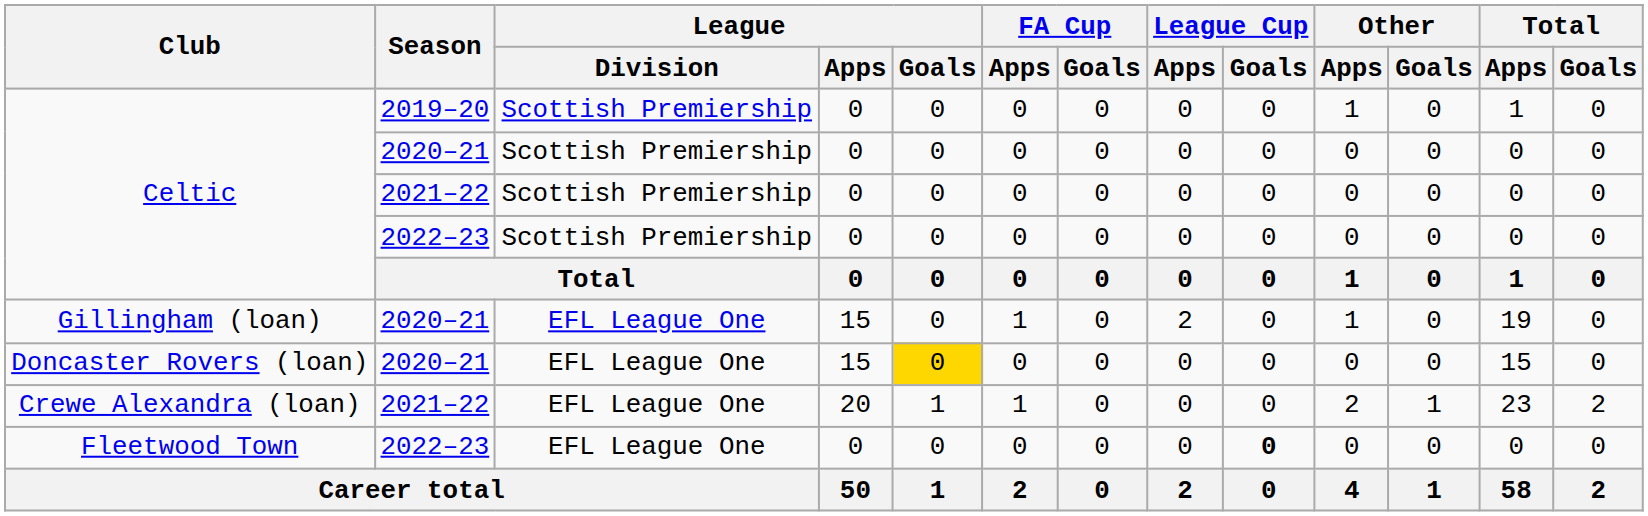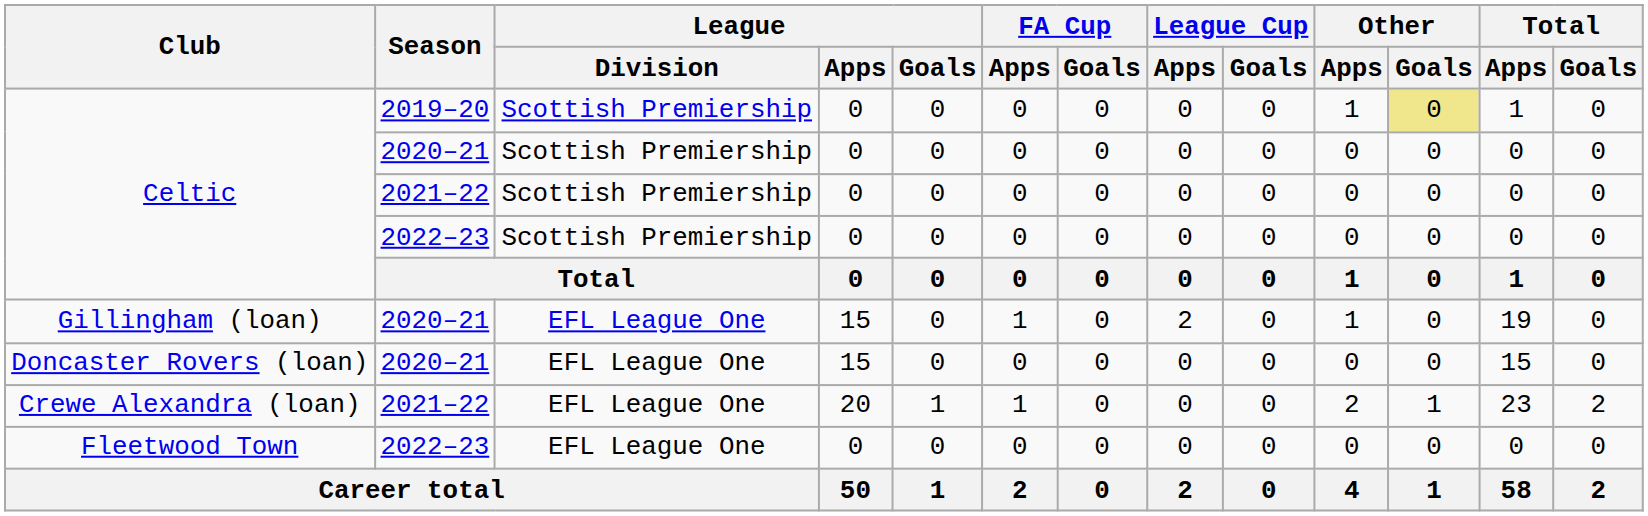 <table class="wikitable" style="text-align:center">
 <tr>
 <th rowspan="2">Club</th>
 <th rowspan="2">Season</th>
 <th colspan="3">League</th>
 <th colspan="2"><a href='#'>FA Cup</a></th>
 <th colspan="2"><a href='#'>League Cup</a></th>
 <th colspan="2">Other</th>
 <th colspan="2">Total</th>
 </tr>
 <tr>
 <th>Division</th>
 <th>Apps</th>
 <th>Goals</th>
 <th>Apps</th>
 <th>Goals</th>
 <th>Apps</th>
 <th>Goals</th>
 <th>Apps</th>
 <th>Goals</th>
 <th>Apps</th>
 <th>Goals</th>
 </tr>
 <tr>
 <td rowspan="5"><a href='#'>Celtic</a></td>
 <td><a href='#'>2019–20</a></td>
 <td><a href='#'>Scottish Premiership</a></td>
 <td>0</td>
 <td>0</td>
 <td>0</td>
 <td>0</td>
 <td>0</td>
 <td>0</td>
 <td>1</td>
-<td>0</td>
+<td style="background: khaki;">0</td>
 <td>1</td>
 <td>0</td>
 </tr>
 <tr>
 <td><a href='#'>2020–21</a></td>
 <td>Scottish Premiership</td>
 <td>0</td>
 <td>0</td>
 <td>0</td>
 <td>0</td>
 <td>0</td>
 <td>0</td>
 <td>0</td>
 <td>0</td>
 <td>0</td>
 <td>0</td>
 </tr>
 <tr>
 <td><a href='#'>2021–22</a></td>
 <td>Scottish Premiership</td>
 <td>0</td>
 <td>0</td>
 <td>0</td>
 <td>0</td>
 <td>0</td>
 <td>0</td>
 <td>0</td>
 <td>0</td>
 <td>0</td>
 <td>0</td>
 </tr>
 <tr>
 <td><a href='#'>2022–23</a></td>
 <td>Scottish Premiership</td>
 <td>0</td>
 <td>0</td>
 <td>0</td>
 <td>0</td>
 <td>0</td>
 <td>0</td>
 <td>0</td>
 <td>0</td>
 <td>0</td>
 <td>0</td>
 </tr>
 <tr>
 <th colspan="2">Total</th>
 <th>0</th>
 <th>0</th>
 <th>0</th>
 <th>0</th>
 <th>0</th>
 <th>0</th>
 <th>1</th>
 <th>0</th>
 <th>1</th>
 <th>0</th>
 </tr>
 <tr>
 <td><a href='#'>Gillingham</a> (loan)</td>
 <td><a href='#'>2020–21</a></td>
 <td><a href='#'>EFL League One</a></td>
 <td>15</td>
 <td>0</td>
 <td>1</td>
 <td>0</td>
 <td>2</td>
 <td>0</td>
 <td>1</td>
 <td>0</td>
 <td>19</td>
 <td>0</td>
 </tr>
 <tr>
 <td><a href='#'>Doncaster Rovers</a> (loan)</td>
 <td><a href='#'>2020–21</a></td>
 <td>EFL League One</td>
 <td>15</td>
-<td style="background: gold;">0</td>
+<td>0</td>
 <td>0</td>
 <td>0</td>
 <td>0</td>
 <td>0</td>
 <td>0</td>
 <td>0</td>
 <td>15</td>
 <td>0</td>
 </tr>
 <tr>
 <td><a href='#'>Crewe Alexandra</a> (loan)</td>
 <td><a href='#'>2021–22</a></td>
 <td>EFL League One</td>
 <td>20</td>
 <td>1</td>
 <td>1</td>
 <td>0</td>
 <td>0</td>
 <td>0</td>
 <td>2</td>
 <td>1</td>
 <td>23</td>
 <td>2</td>
 </tr>
 <tr>
 <td><a href='#'>Fleetwood Town</a></td>
 <td><a href='#'>2022–23</a></td>
 <td>EFL League One</td>
 <td>0</td>
 <td>0</td>
 <td>0</td>
 <td>0</td>
 <td>0</td>
-<td><strong>0</strong></td>
+<td>0</td>
 <td>0</td>
 <td>0</td>
 <td>0</td>
 <td>0</td>
 </tr>
 <tr>
 <th colspan="3">Career total</th>
 <th>50</th>
 <th>1</th>
 <th>2</th>
 <th>0</th>
 <th>2</th>
 <th>0</th>
 <th>4</th>
 <th>1</th>
 <th>58</th>
 <th>2</th>
 </tr>
 </table>
